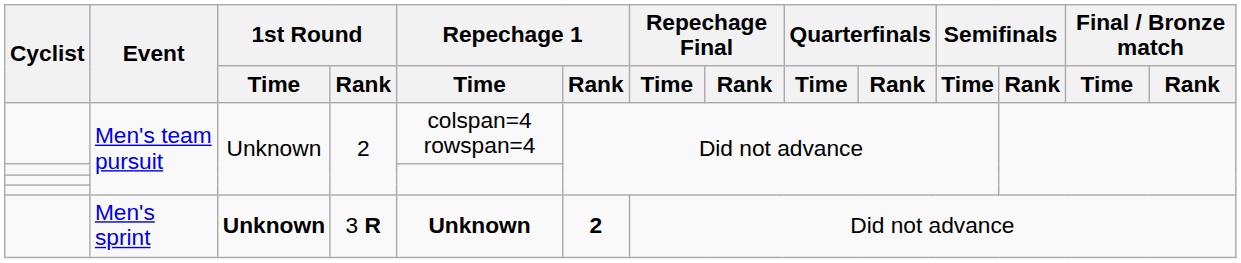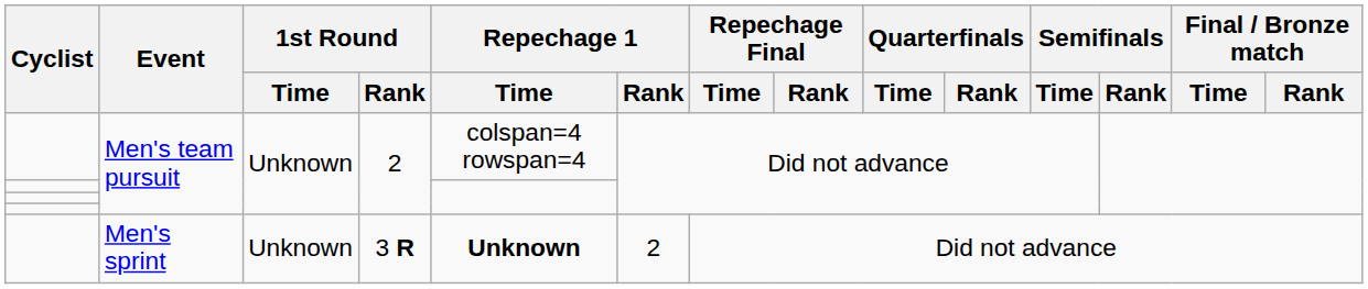 <table class="wikitable sortable" style=text-align:center>
 <tr>
 <th rowspan=2>Cyclist</th>
 <th rowspan=2>Event</th>
 <th colspan=2>1st Round</th>
 <th colspan=2>Repechage 1</th>
 <th colspan=2>Repechage Final</th>
 <th colspan=2>Quarterfinals</th>
 <th colspan=2>Semifinals</th>
 <th colspan=2>Final / Bronze match</th>
 </tr>
 <tr>
 <th>Time</th>
 <th>Rank</th>
 <th>Time</th>
 <th>Rank</th>
 <th>Time</th>
 <th>Rank</th>
 <th>Time</th>
 <th>Rank</th>
 <th>Time</th>
 <th>Rank</th>
 <th>Time</th>
 <th>Rank</th>
 </tr>
 <tr>
 <td align=left></td>
 <td align=left rowspan=4><a href='#'>Men's team pursuit</a></td>
 <td rowspan=4>Unknown</td>
 <td rowspan=4>2</td>
 <td>colspan=4 rowspan=4 </td>
 <td colspan=6 rowspan=4>Did not advance</td>
 </tr>
 <tr>
 <td align=left></td>
 </tr>
 <tr>
 <td align=left></td>
 </tr>
 <tr>
 <td align=left></td>
 </tr>
 <tr>
 <td align=left></td>
 <td align=left><a href='#'>Men's sprint</a></td>
-<td><strong>Unknown</strong></td>
+<td>Unknown</td>
 <td>3 <strong>R</strong></td>
 <td><strong>Unknown</strong></td>
-<td><strong>2</strong></td>
+<td>2</td>
 <td colspan=8>Did not advance</td>
 </tr>
 </table>
